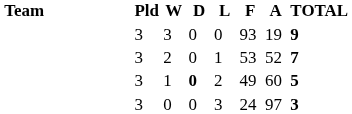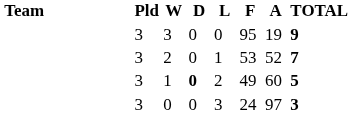 <table>
 <tr>
 <td><br></td>
 </tr>
 <tr border=1 cellpadding=5 cellspacing=0>
 <th width="200">Team</th>
 <th width="20">Pld</th>
 <th width="20">W</th>
 <th width="20">D</th>
 <th width="20">L</th>
 <th width="20">F</th>
 <th width="20">A</th>
 <th width="20">TOTAL</th>
 </tr>
 <tr>
 <td align=left></td>
 <td>3</td>
 <td>3</td>
 <td>0</td>
 <td>0</td>
-<td>93</td>
+<td>95</td>
 <td>19</td>
 <td><strong>9</strong></td>
 </tr>
 <tr>
 <td align=left></td>
 <td>3</td>
 <td>2</td>
 <td>0</td>
 <td>1</td>
 <td>53</td>
 <td>52</td>
 <td><strong>7</strong></td>
 </tr>
 <tr>
 <td align=left></td>
 <td>3</td>
 <td>1</td>
 <td><strong>0</strong></td>
 <td>2</td>
 <td>49</td>
 <td>60</td>
 <td><strong>5</strong></td>
 </tr>
 <tr>
 <td align=left></td>
 <td>3</td>
 <td>0</td>
 <td>0</td>
 <td>3</td>
 <td>24</td>
 <td>97</td>
 <td><strong>3</strong></td>
 </tr>
 </table>
